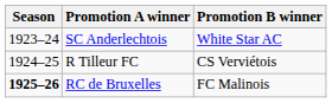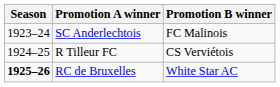 <table class="wikitable sortable" style="text–align:center;">
 <tr>
 <th>Season</th>
 <th>Promotion A winner</th>
 <th>Promotion B winner</th>
 </tr>
 <tr>
 <td>1923–24</td>
 <td><a href='#'>SC Anderlechtois</a></td>
-<td><a href='#'>White Star AC</a></td>
+<td>FC Malinois</td>
 </tr>
 <tr>
 <td>1924–25</td>
 <td>R Tilleur FC</td>
 <td>CS Verviétois</td>
 </tr>
 <tr>
 <td><strong>1925–26</strong></td>
 <td><a href='#'>RC de Bruxelles</a></td>
-<td>FC Malinois</td>
+<td><a href='#'>White Star AC</a></td>
 </tr>
 </table>
